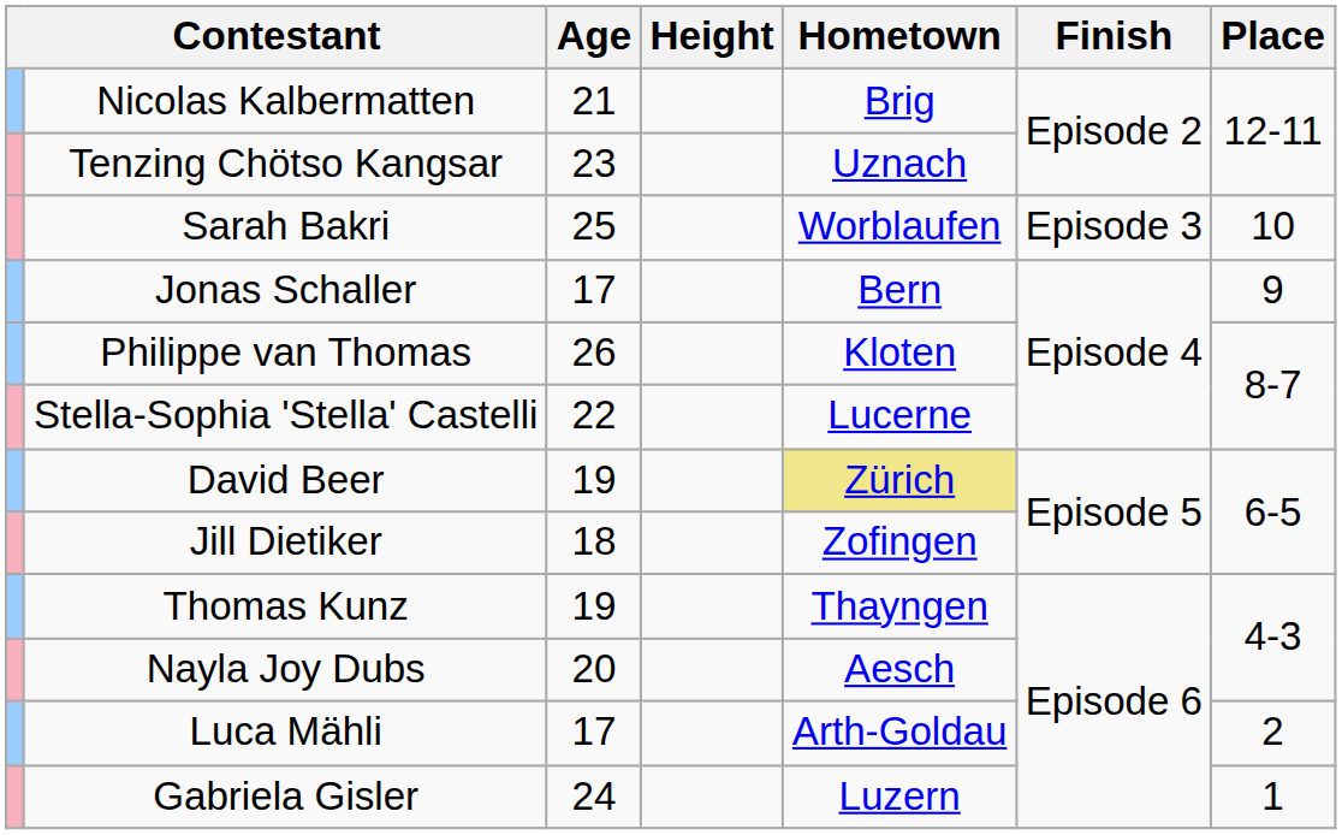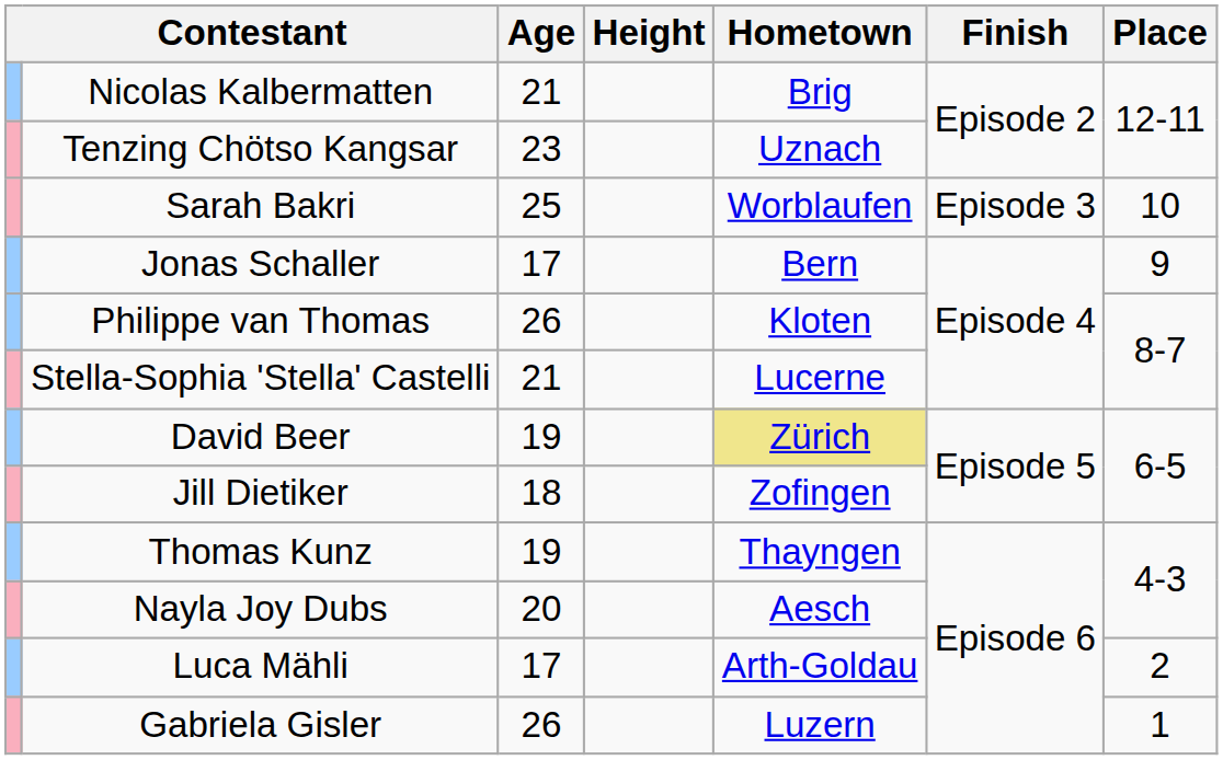 <table class="wikitable sortable" style="text-align:center;">
 <tr>
 <th colspan="2">Contestant</th>
 <th>Age</th>
 <th>Height</th>
 <th>Hometown</th>
 <th>Finish</th>
 <th>Place</th>
 </tr>
 <tr>
 <td style="background:#9cf;"></td>
 <td>Nicolas Kalbermatten</td>
 <td>21</td>
 <td></td>
 <td><a href='#'>Brig</a></td>
 <td rowspan=2>Episode 2</td>
 <td rowspan=2>12-11</td>
 </tr>
 <tr>
 <td style="background:#faafbe"></td>
 <td>Tenzing Chötso Kangsar</td>
 <td>23</td>
 <td></td>
 <td><a href='#'>Uznach</a></td>
 </tr>
 <tr>
 <td style="background:#faafbe"></td>
 <td>Sarah Bakri</td>
 <td>25</td>
 <td></td>
 <td><a href='#'>Worblaufen</a></td>
 <td>Episode 3</td>
 <td>10</td>
 </tr>
 <tr>
 <td style="background:#9cf;"></td>
 <td>Jonas Schaller</td>
 <td>17</td>
 <td></td>
 <td><a href='#'>Bern</a></td>
 <td rowspan=3>Episode 4</td>
 <td>9</td>
 </tr>
 <tr>
 <td style="background:#9cf;"></td>
 <td>Philippe van Thomas</td>
 <td>26</td>
 <td></td>
 <td><a href='#'>Kloten</a></td>
 <td rowspan=2>8-7</td>
 </tr>
 <tr>
 <td style="background:#faafbe"></td>
 <td>Stella-Sophia 'Stella' Castelli</td>
-<td>22</td>
+<td>21</td>
 <td></td>
 <td><a href='#'>Lucerne</a></td>
 </tr>
 <tr>
 <td style="background:#9cf;"></td>
 <td>David Beer</td>
 <td>19</td>
 <td></td>
 <td style="background: khaki;"><a href='#'>Zürich</a></td>
 <td rowspan="2">Episode 5</td>
 <td rowspan="2">6-5</td>
 </tr>
 <tr>
 <td style="background:#faafbe"></td>
 <td>Jill Dietiker</td>
 <td>18</td>
 <td></td>
 <td><a href='#'>Zofingen</a></td>
 </tr>
 <tr>
 <td style="background:#9cf;"></td>
 <td>Thomas Kunz</td>
 <td>19</td>
 <td></td>
 <td><a href='#'>Thayngen</a></td>
 <td rowspan="4">Episode 6</td>
 <td rowspan="2">4-3</td>
 </tr>
 <tr>
 <td style="background:#faafbe"></td>
 <td>Nayla Joy Dubs</td>
 <td>20</td>
 <td></td>
 <td><a href='#'>Aesch</a></td>
 </tr>
 <tr>
 <td style="background:#9cf;"></td>
 <td>Luca Mähli</td>
 <td>17</td>
 <td></td>
 <td><a href='#'>Arth-Goldau</a></td>
 <td>2</td>
 </tr>
 <tr>
 <td style="background:#faafbe"></td>
 <td>Gabriela Gisler</td>
-<td>24</td>
+<td>26</td>
 <td></td>
 <td><a href='#'>Luzern</a></td>
 <td>1</td>
 </tr>
 </table>
